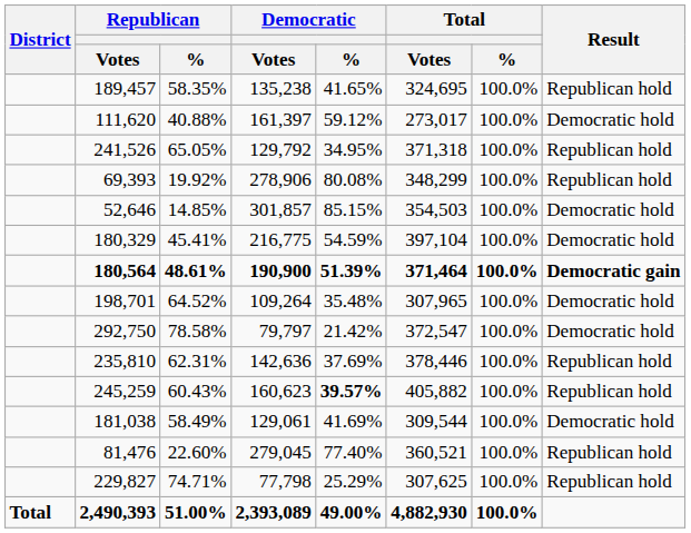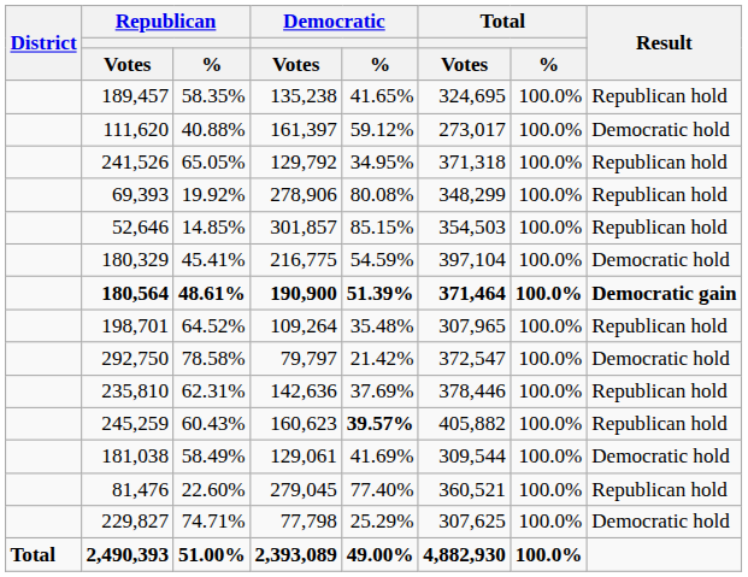 <table class="wikitable plainrowheaders sortable" style="font-size:100%; text-align:right;">
 <tr>
 <th scope=col rowspan=3><a href='#'>District</a></th>
 <th scope=col colspan=2><a href='#'>Republican</a></th>
 <th scope=col colspan=2><a href='#'>Democratic</a></th>
 <th scope=col colspan=2>Total</th>
 <th scope=col rowspan=3>Result</th>
 </tr>
 <tr>
 <th scope=col colspan=2 style="background:"></th>
 <th scope=col colspan=2 style="background:"></th>
 <th scope=col colspan=2></th>
 </tr>
 <tr>
 <th scope=col data-sort-type="number">Votes</th>
 <th scope=col data-sort-type="number">%</th>
 <th scope=col data-sort-type="number">Votes</th>
 <th scope=col data-sort-type="number">%</th>
 <th scope=col data-sort-type="number">Votes</th>
 <th scope=col data-sort-type="number">%</th>
 </tr>
 <tr>
 <td align=left></td>
 <td>189,457</td>
 <td>58.35%</td>
 <td>135,238</td>
 <td>41.65%</td>
 <td>324,695</td>
 <td>100.0%</td>
 <td align=left>Republican hold</td>
 </tr>
 <tr>
 <td align=left></td>
 <td>111,620</td>
 <td>40.88%</td>
 <td>161,397</td>
 <td>59.12%</td>
 <td>273,017</td>
 <td>100.0%</td>
 <td align=left>Democratic hold</td>
 </tr>
 <tr>
 <td align=left></td>
 <td>241,526</td>
 <td>65.05%</td>
 <td>129,792</td>
 <td>34.95%</td>
 <td>371,318</td>
 <td>100.0%</td>
 <td align=left>Republican hold</td>
 </tr>
 <tr>
 <td align=left></td>
 <td>69,393</td>
 <td>19.92%</td>
 <td>278,906</td>
 <td>80.08%</td>
 <td>348,299</td>
 <td>100.0%</td>
 <td align=left>Republican hold</td>
 </tr>
 <tr>
 <td align=left></td>
 <td>52,646</td>
 <td>14.85%</td>
 <td>301,857</td>
 <td>85.15%</td>
 <td>354,503</td>
 <td>100.0%</td>
-<td align=left>Democratic hold</td>
+<td align=left>Republican hold</td>
 </tr>
 <tr>
 <td align=left></td>
 <td>180,329</td>
 <td>45.41%</td>
 <td>216,775</td>
 <td>54.59%</td>
 <td>397,104</td>
 <td>100.0%</td>
 <td align=left>Democratic hold</td>
 </tr>
 <tr>
 <td align=left><strong></strong></td>
 <td><strong>180,564</strong></td>
 <td><strong>48.61%</strong></td>
 <td><strong>190,900</strong></td>
 <td><strong>51.39%</strong></td>
 <td><strong>371,464</strong></td>
 <td><strong>100.0%</strong></td>
 <td align=left><strong>Democratic gain</strong></td>
 </tr>
 <tr>
 <td align=left></td>
 <td>198,701</td>
 <td>64.52%</td>
 <td>109,264</td>
 <td>35.48%</td>
 <td>307,965</td>
 <td>100.0%</td>
-<td align=left>Democratic hold</td>
+<td align=left>Republican hold</td>
 </tr>
 <tr>
 <td align=left></td>
 <td>292,750</td>
 <td>78.58%</td>
 <td>79,797</td>
 <td>21.42%</td>
 <td>372,547</td>
 <td>100.0%</td>
 <td align=left>Democratic hold</td>
 </tr>
 <tr>
 <td align=left></td>
 <td>235,810</td>
 <td>62.31%</td>
 <td>142,636</td>
 <td>37.69%</td>
 <td>378,446</td>
 <td>100.0%</td>
 <td align=left>Republican hold</td>
 </tr>
 <tr>
 <td align=left></td>
 <td>245,259</td>
 <td>60.43%</td>
 <td>160,623</td>
 <td><strong>39.57%</strong></td>
 <td>405,882</td>
 <td>100.0%</td>
 <td align=left>Republican hold</td>
 </tr>
 <tr>
 <td align=left></td>
 <td>181,038</td>
 <td>58.49%</td>
 <td>129,061</td>
 <td>41.69%</td>
 <td>309,544</td>
 <td>100.0%</td>
 <td align=left>Democratic hold</td>
 </tr>
 <tr>
 <td align=left></td>
 <td>81,476</td>
 <td>22.60%</td>
 <td>279,045</td>
 <td>77.40%</td>
 <td>360,521</td>
 <td>100.0%</td>
 <td align=left>Republican hold</td>
 </tr>
 <tr>
 <td align=left></td>
 <td>229,827</td>
 <td>74.71%</td>
 <td>77,798</td>
 <td>25.29%</td>
 <td>307,625</td>
 <td>100.0%</td>
-<td align=left>Republican hold</td>
+<td align=left>Democratic hold</td>
 </tr>
 <tr class="sortbottom" style="font-weight:bold">
 <td align=left>Total</td>
 <td>2,490,393</td>
 <td>51.00%</td>
 <td>2,393,089</td>
 <td>49.00%</td>
 <td>4,882,930</td>
 <td>100.0%</td>
 <td></td>
 </tr>
 </table>
